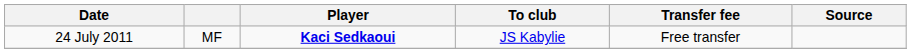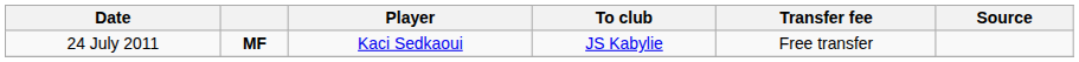 <table class="wikitable sortable" style="width:70%; text-align:center; font-size:85%; text-align:centre;">
 <tr>
 <th>Date</th>
 <th></th>
 <th>Player</th>
 <th>To club</th>
 <th>Transfer fee</th>
 <th>Source</th>
 </tr>
 <tr>
 <td>24 July 2011</td>
-<td>MF</td>
-<td><strong> <a href='#'>Kaci Sedkaoui</a></strong></td>
+<td><strong>MF</strong></td>
+<td> <a href='#'>Kaci Sedkaoui</a></td>
 <td><a href='#'>JS Kabylie</a></td>
 <td>Free transfer</td>
 <td></td>
 </tr>
 <tr>
 </tr>
 </table>
